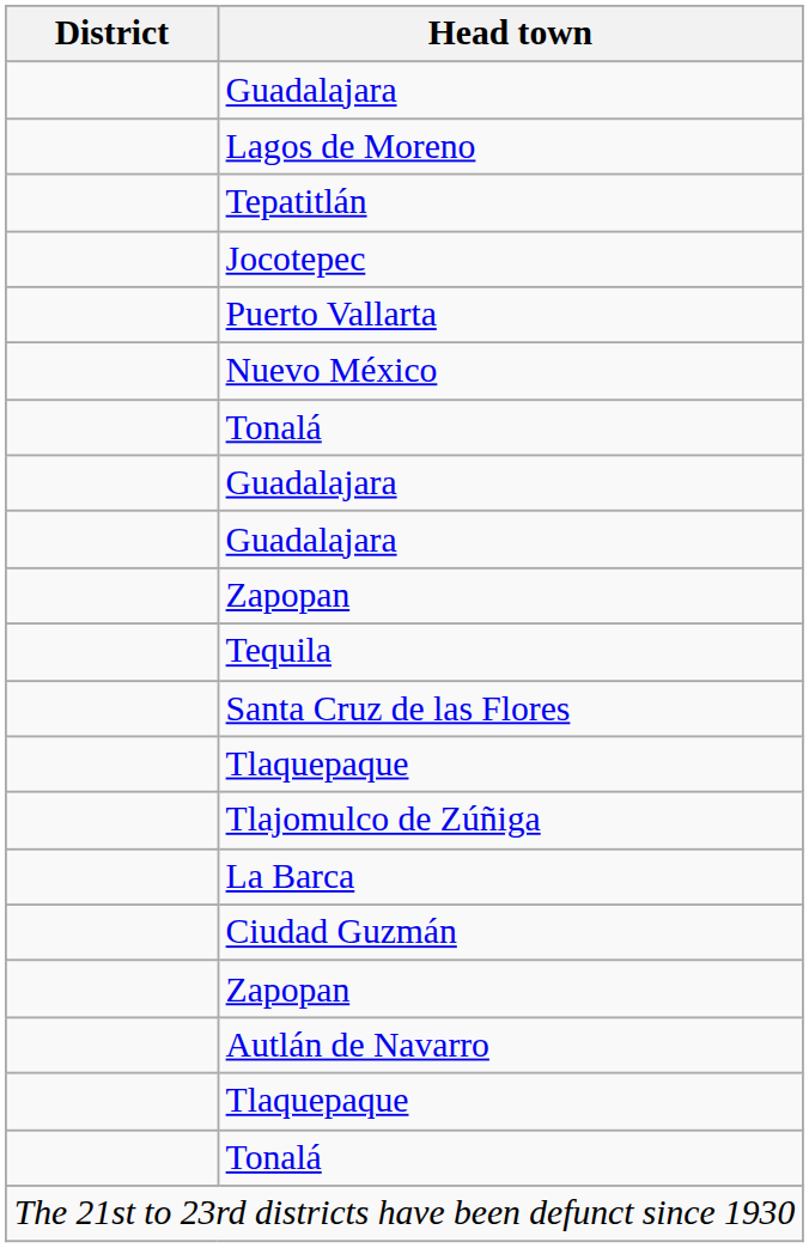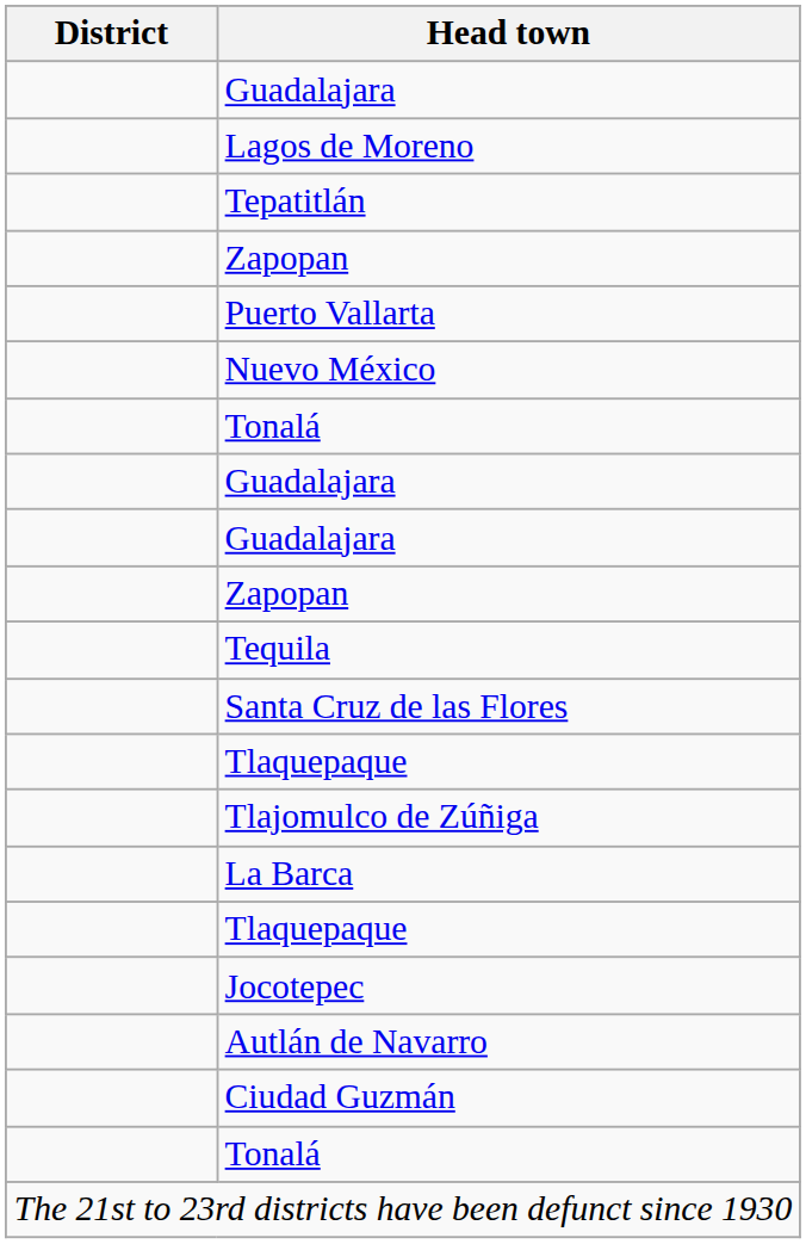 <table class="wikitable" border="1">
 <tr style="background:#efefef;">
 <th><strong>District</strong></th>
 <th><strong>Head town</strong></th>
 </tr>
 <tr>
 <td></td>
 <td><a href='#'>Guadalajara</a></td>
 </tr>
 <tr>
 <td></td>
 <td><a href='#'>Lagos de Moreno</a></td>
 </tr>
 <tr>
 <td></td>
 <td><a href='#'>Tepatitlán</a></td>
 </tr>
 <tr>
 <td></td>
-<td><a href='#'>Jocotepec</a></td>
+<td><a href='#'>Zapopan</a></td>
 </tr>
 <tr>
 <td></td>
 <td><a href='#'>Puerto Vallarta</a></td>
 </tr>
 <tr>
 <td></td>
 <td><a href='#'>Nuevo México</a></td>
 </tr>
 <tr>
 <td></td>
 <td><a href='#'>Tonalá</a></td>
 </tr>
 <tr>
 <td></td>
 <td><a href='#'>Guadalajara</a></td>
 </tr>
 <tr>
 <td></td>
 <td><a href='#'>Guadalajara</a></td>
 </tr>
 <tr>
 <td></td>
 <td><a href='#'>Zapopan</a></td>
 </tr>
 <tr>
 <td></td>
 <td><a href='#'>Tequila</a></td>
 </tr>
 <tr>
 <td></td>
 <td><a href='#'>Santa Cruz de las Flores</a></td>
 </tr>
 <tr>
 <td></td>
 <td><a href='#'>Tlaquepaque</a></td>
 </tr>
 <tr>
 <td></td>
 <td><a href='#'>Tlajomulco de Zúñiga</a></td>
 </tr>
 <tr>
 <td></td>
 <td><a href='#'>La Barca</a></td>
 </tr>
 <tr>
 <td></td>
-<td><a href='#'>Ciudad Guzmán</a></td>
+<td><a href='#'>Tlaquepaque</a></td>
 </tr>
 <tr>
 <td></td>
-<td><a href='#'>Zapopan</a></td>
+<td><a href='#'>Jocotepec</a></td>
 </tr>
 <tr>
 <td></td>
 <td><a href='#'>Autlán de Navarro</a></td>
 </tr>
 <tr>
 <td></td>
-<td><a href='#'>Tlaquepaque</a></td>
+<td><a href='#'>Ciudad Guzmán</a></td>
 </tr>
 <tr>
 <td></td>
 <td><a href='#'>Tonalá</a></td>
 </tr>
 <tr>
 <td colspan=2><em>The 21st to 23rd districts have been defunct since 1930</em></td>
 </tr>
 </table>
